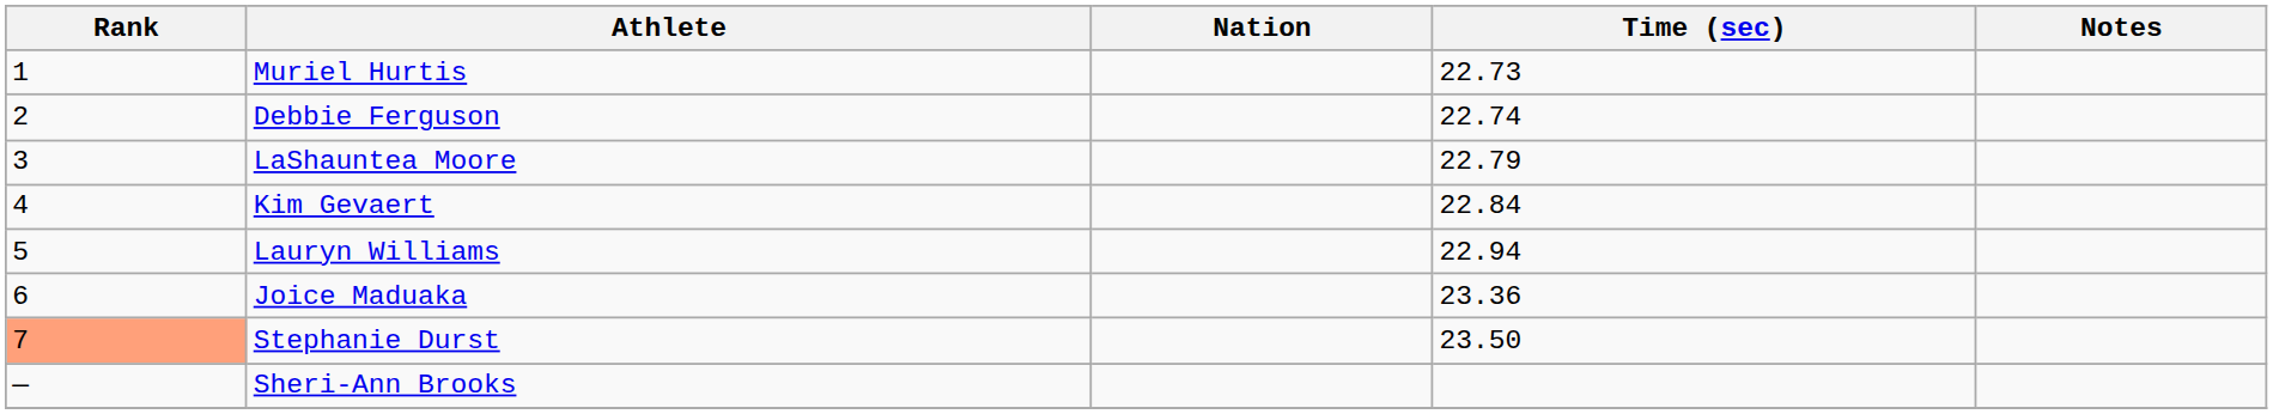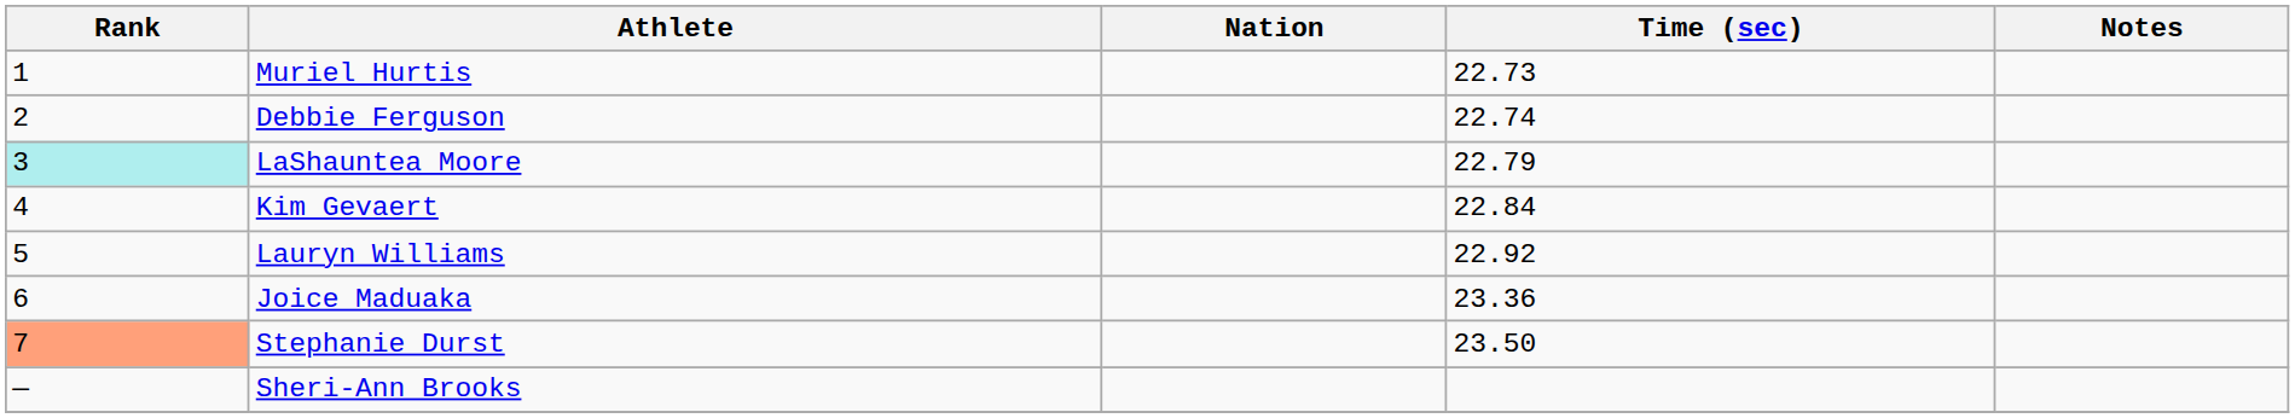 <table class="wikitable" style="text=align:center;" width=85%>
 <tr>
 <th>Rank</th>
 <th>Athlete</th>
 <th>Nation</th>
 <th>Time (<a href='#'>sec</a>)</th>
 <th>Notes</th>
 </tr>
 <tr>
 <td>1</td>
 <td><a href='#'>Muriel Hurtis</a></td>
 <td></td>
 <td>22.73</td>
 <td></td>
 </tr>
 <tr>
 <td>2</td>
 <td><a href='#'>Debbie Ferguson</a></td>
 <td></td>
 <td>22.74</td>
 <td></td>
 </tr>
 <tr>
-<td>3</td>
+<td style="background: paleturquoise;">3</td>
 <td><a href='#'>LaShauntea Moore</a></td>
 <td></td>
 <td>22.79</td>
 <td></td>
 </tr>
 <tr>
 <td>4</td>
 <td><a href='#'>Kim Gevaert</a></td>
 <td></td>
 <td>22.84</td>
 <td></td>
 </tr>
 <tr>
 <td>5</td>
 <td><a href='#'>Lauryn Williams</a></td>
 <td></td>
-<td>22.94</td>
+<td>22.92</td>
 <td></td>
 </tr>
 <tr>
 <td>6</td>
 <td><a href='#'>Joice Maduaka</a></td>
 <td></td>
 <td>23.36</td>
 <td></td>
 </tr>
 <tr>
 <td style="background: lightsalmon;">7</td>
 <td><a href='#'>Stephanie Durst</a></td>
 <td></td>
 <td>23.50</td>
 <td></td>
 </tr>
 <tr>
 <td>—</td>
 <td><a href='#'>Sheri-Ann Brooks</a></td>
 <td></td>
 <td></td>
 <td></td>
 </tr>
 <tr>
 </tr>
 </table>
